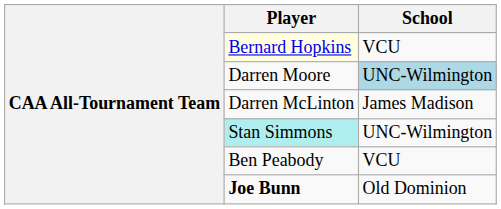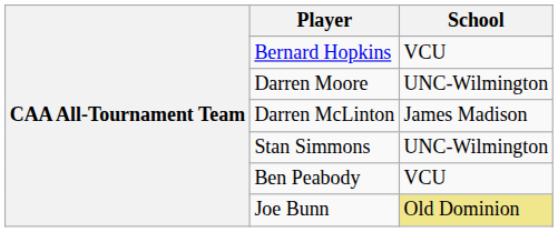 <table class="wikitable" border="1">
 <tr>
 <th rowspan=7 valign=middle>CAA All-Tournament Team</th>
 <th>Player</th>
 <th>School</th>
 </tr>
 <tr>
-<td style="background: lightyellow;"><a href='#'>Bernard Hopkins</a></td>
+<td><a href='#'>Bernard Hopkins</a></td>
 <td>VCU</td>
 </tr>
 <tr>
 <td>Darren Moore</td>
-<td style="background: lightblue;">UNC-Wilmington</td>
+<td>UNC-Wilmington</td>
 </tr>
 <tr>
 <td>Darren McLinton</td>
 <td>James Madison</td>
 </tr>
 <tr>
-<td style="background: paleturquoise;">Stan Simmons</td>
+<td>Stan Simmons</td>
 <td>UNC-Wilmington</td>
 </tr>
 <tr>
 <td>Ben Peabody</td>
 <td>VCU</td>
 </tr>
 <tr>
-<td><strong>Joe Bunn</strong></td>
-<td>Old Dominion</td>
+<td>Joe Bunn</td>
+<td style="background: khaki;">Old Dominion</td>
 </tr>
 </table>
